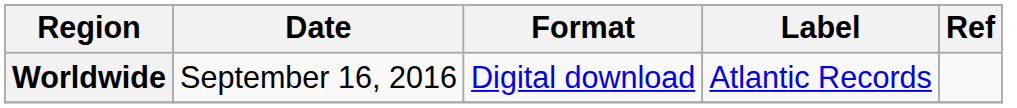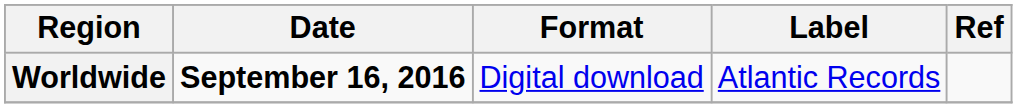 <table class="wikitable plainrowheaders">
 <tr>
 <th scope="col">Region</th>
 <th scope="col">Date</th>
 <th scope="col">Format</th>
 <th scope="col">Label</th>
 <th scope="col">Ref</th>
 </tr>
 <tr>
 <th scope="row" rowspan="1">Worldwide</th>
-<td>September 16, 2016</td>
+<td><strong>September 16, 2016</strong></td>
 <td><a href='#'>Digital download</a></td>
 <td><a href='#'>Atlantic Records</a></td>
 <td style="text-align:center;"></td>
 </tr>
 <tr>
 </tr>
 </table>
